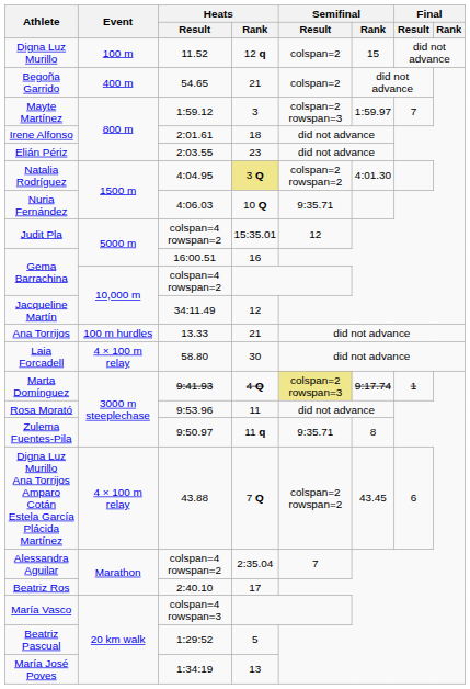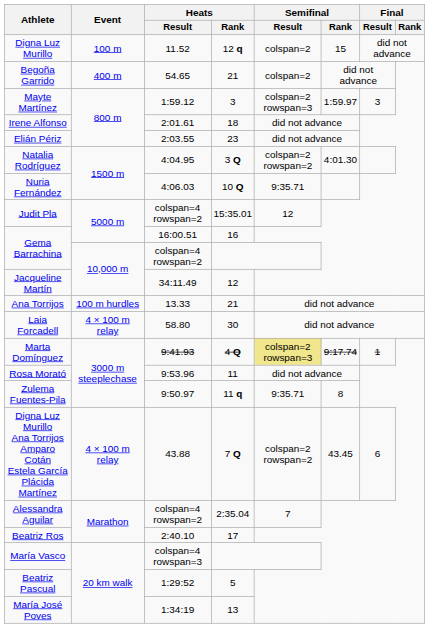 <table class="wikitable" style="font-size:90%">
 <tr>
 <th rowspan="2">Athlete</th>
 <th rowspan="2">Event</th>
 <th colspan="2">Heats</th>
 <th colspan="2">Semifinal</th>
 <th colspan="2">Final</th>
 </tr>
 <tr style="font-size:95%">
 <th>Result</th>
 <th>Rank</th>
 <th>Result</th>
 <th>Rank</th>
 <th>Result</th>
 <th>Rank</th>
 </tr>
 <tr align=center>
 <td><a href='#'>Digna Luz Murillo</a></td>
 <td><a href='#'>100 m</a></td>
 <td>11.52</td>
 <td>12 <strong>q</strong></td>
 <td>colspan=2 </td>
 <td>15</td>
 <td colspan=2>did not advance</td>
 </tr>
 <tr align=center>
 <td><a href='#'>Begoña Garrido</a></td>
 <td><a href='#'>400 m</a></td>
 <td>54.65</td>
 <td>21</td>
 <td>colspan=2 </td>
 <td colspan=2>did not advance</td>
 </tr>
 <tr align=center>
 <td><a href='#'>Mayte Martínez</a></td>
 <td rowspan=3><a href='#'>800 m</a></td>
 <td>1:59.12</td>
 <td>3</td>
 <td>colspan=2 rowspan=3 </td>
 <td>1:59.97</td>
-<td>7</td>
+<td>3</td>
 </tr>
 <tr align=center>
 <td><a href='#'>Irene Alfonso</a></td>
 <td>2:01.61</td>
 <td>18</td>
 <td colspan="2">did not advance</td>
 </tr>
 <tr align=center>
 <td><a href='#'>Elián Périz</a></td>
 <td>2:03.55</td>
 <td>23</td>
 <td colspan="2">did not advance</td>
 </tr>
 <tr align=center>
 <td><a href='#'>Natalia Rodríguez</a></td>
 <td rowspan=2><a href='#'>1500 m</a></td>
 <td>4:04.95 <strong></strong></td>
-<td style="background: khaki;">3 <strong>Q</strong></td>
+<td>3 <strong>Q</strong></td>
 <td>colspan=2 rowspan=2 </td>
 <td>4:01.30 <strong></strong></td>
 <td></td>
 </tr>
 <tr align=center>
 <td><a href='#'>Nuria Fernández</a></td>
 <td>4:06.03</td>
 <td>10 <strong>Q</strong></td>
 <td>9:35.71 <strong></strong></td>
 <td></td>
 </tr>
 <tr align=center>
 <td><a href='#'>Judit Pla</a></td>
 <td rowspan=2><a href='#'>5000 m</a></td>
 <td>colspan=4 rowspan=2 </td>
 <td>15:35.01</td>
 <td>12</td>
 </tr>
 <tr align=center>
 <td rowspan=2><a href='#'>Gema Barrachina</a></td>
 <td>16:00.51</td>
 <td>16</td>
 </tr>
 <tr align=center>
 <td rowspan=2><a href='#'>10,000 m</a></td>
 <td>colspan=4 rowspan=2 </td>
 <td colspan=2></td>
 </tr>
 <tr align=center>
 <td><a href='#'>Jacqueline Martín</a></td>
 <td>34:11.49</td>
 <td>12</td>
 </tr>
 <tr align=center>
 <td><a href='#'>Ana Torrijos</a></td>
 <td><a href='#'>100 m hurdles</a></td>
 <td>13.33 <strong></strong></td>
 <td>21</td>
 <td Colspan=4>did not advance</td>
 </tr>
 <tr align=center>
 <td><a href='#'>Laia Forcadell</a></td>
 <td><a href='#'>4 × 100 m relay</a></td>
 <td>58.80</td>
 <td>30</td>
 <td colspan="4">did not advance</td>
 </tr>
 <tr align=center>
 <td><a href='#'>Marta Domínguez</a></td>
 <td rowspan=3><a href='#'>3000 m steeplechase</a></td>
 <td><s>9:41.93</s></td>
 <td><s>4 <strong>Q</strong></s></td>
 <td style="background: khaki;">colspan=2 rowspan=3 </td>
 <td><s>9:17.74</s></td>
 <td><s>1</s></td>
 </tr>
 <tr align=center>
 <td><a href='#'>Rosa Morató</a></td>
 <td>9:53.96</td>
 <td>11</td>
 <td colspan=2>did not advance</td>
 </tr>
 <tr align=center>
 <td><a href='#'>Zulema Fuentes-Pila</a></td>
 <td>9:50.97</td>
 <td>11 <strong>q</strong></td>
 <td>9:35.71 <strong></strong></td>
 <td>8</td>
 </tr>
 <tr align=center>
 <td><a href='#'>Digna Luz Murillo</a><br><a href='#'>Ana Torrijos</a><br><a href='#'>Amparo Cotán</a><br><a href='#'>Estela García</a><br><a href='#'>Plácida Martínez</a></td>
 <td><a href='#'>4 × 100 m relay</a></td>
 <td>43.88</td>
 <td>7 <strong>Q</strong></td>
 <td>colspan=2 rowspan=2 </td>
 <td>43.45</td>
 <td>6</td>
 </tr>
 <tr align=center>
 <td><a href='#'>Alessandra Aguilar</a></td>
 <td rowspan=2><a href='#'>Marathon</a></td>
 <td>colspan=4 rowspan=2 </td>
 <td>2:35.04</td>
 <td>7</td>
 </tr>
 <tr align=center>
 <td><a href='#'>Beatriz Ros</a></td>
 <td>2:40.10</td>
 <td>17</td>
 </tr>
 <tr align=center>
 <td><a href='#'>María Vasco</a></td>
 <td rowspan=3><a href='#'>20 km walk</a></td>
 <td>colspan=4 rowspan=3 </td>
 <td colspan=2></td>
 </tr>
 <tr align=center>
 <td><a href='#'>Beatriz Pascual</a></td>
 <td>1:29:52</td>
 <td>5</td>
 </tr>
 <tr align=center>
 <td><a href='#'>María José Poves</a></td>
 <td>1:34:19</td>
 <td>13</td>
 </tr>
 </table>
